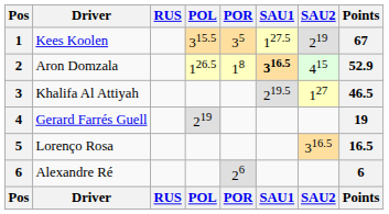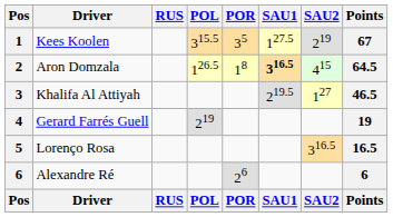 <table class="wikitable" style="font-size: 85%; text-align: center; display: inline-table;">
 <tr valign="top">
 <th valign="middle">Pos</th>
 <th valign="middle">Driver</th>
 <th><a href='#'>RUS</a><br></th>
 <th><a href='#'>POL</a><br></th>
 <th><a href='#'>POR</a><br></th>
 <th><a href='#'>SAU1</a><br></th>
 <th><a href='#'>SAU2</a><br></th>
 <th valign="middle">Points</th>
 </tr>
 <tr>
 <th>1</th>
 <td align=left> <a href='#'>Kees Koolen</a></td>
 <td></td>
 <td style="background:#ffdf9f;">3<sup>15.5</sup></td>
 <td style="background:#ffdf9f;">3<sup>5</sup></td>
 <td style="background:#ffffbf;">1<sup>27.5</sup></td>
 <td style="background:#dfdfdf;">2<sup>19</sup></td>
 <th>67</th>
 </tr>
 <tr>
 <th>2</th>
 <td align=left> Aron Domzala</td>
 <td></td>
 <td style="background:#ffffbf;">1<sup>26.5</sup></td>
 <td style="background:#ffffbf;">1<sup>8</sup></td>
 <td style="background:#ffdf9f;"><strong>3<sup>16.5</sup></strong></td>
 <td style="background:#dfffdf;">4<sup>15</sup></td>
-<th>52.9</th>
+<th>64.5</th>
 </tr>
 <tr>
 <th>3</th>
 <td align=left> Khalifa Al Attiyah</td>
 <td></td>
 <td></td>
 <td></td>
 <td style="background:#dfdfdf;">2<sup>19.5</sup></td>
 <td style="background:#ffffbf;">1<sup>27</sup></td>
 <th>46.5</th>
 </tr>
 <tr>
 <th>4</th>
 <td align=left> <a href='#'>Gerard Farrés Guell</a></td>
 <td></td>
 <td style="background:#dfdfdf;">2<sup>19</sup></td>
 <td></td>
 <td></td>
 <td></td>
 <th>19</th>
 </tr>
 <tr>
 <th>5</th>
 <td align=left> Lorenço Rosa</td>
 <td></td>
 <td></td>
 <td></td>
 <td></td>
 <td style="background:#ffdf9f;">3<sup>16.5</sup></td>
 <th>16.5</th>
 </tr>
 <tr>
 <th>6</th>
 <td align=left> Alexandre Ré</td>
 <td></td>
 <td></td>
 <td style="background:#dfdfdf;">2<sup>6</sup></td>
 <td></td>
 <td></td>
 <th>6</th>
 </tr>
 <tr valign="top">
 <th valign="middle">Pos</th>
 <th valign="middle">Driver</th>
 <th><a href='#'>RUS</a><br></th>
 <th><a href='#'>POL</a><br></th>
 <th><a href='#'>POR</a><br></th>
 <th><a href='#'>SAU1</a><br></th>
 <th><a href='#'>SAU2</a><br></th>
 <th valign="middle">Points</th>
 </tr>
 </table>
